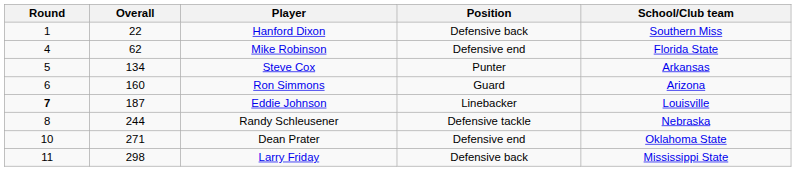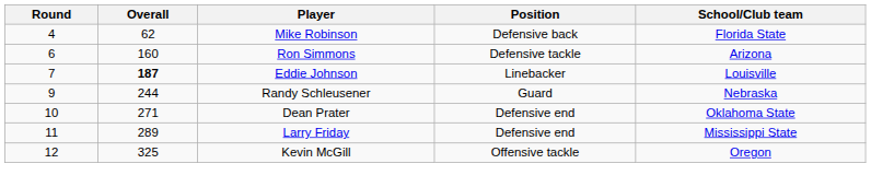 <table class="wikitable" style="min-width:70%;">
 <tr>
 <th>Round</th>
 <th>Overall</th>
 <th>Player</th>
 <th>Position</th>
 <th>School/Club team</th>
 </tr>
 <tr style="text-align:center;" bgcolor="">
-<td>1</td>
-<td>22</td>
-<td><a href='#'>Hanford Dixon</a></td>
-<td>Defensive back</td>
-<td><a href='#'>Southern Miss</a></td>
-</tr>
-<tr style="text-align:center;" bgcolor="">
 <td>4</td>
 <td>62</td>
 <td><a href='#'>Mike Robinson</a></td>
-<td>Defensive end</td>
+<td>Defensive back</td>
 <td><a href='#'>Florida State</a></td>
-</tr>
-<tr style="text-align:center;" bgcolor="">
-<td>5</td>
-<td>134</td>
-<td><a href='#'>Steve Cox</a></td>
-<td>Punter</td>
-<td><a href='#'>Arkansas</a></td>
 </tr>
 <tr style="text-align:center;" bgcolor="">
 <td>6</td>
 <td>160</td>
 <td><a href='#'>Ron Simmons</a></td>
-<td>Guard</td>
+<td>Defensive tackle</td>
 <td><a href='#'>Arizona</a></td>
 </tr>
 <tr style="text-align:center;" bgcolor="">
-<td><strong>7</strong></td>
-<td>187</td>
+<td>7</td>
+<td><strong>187</strong></td>
 <td><a href='#'>Eddie Johnson</a></td>
 <td>Linebacker</td>
 <td><a href='#'>Louisville</a></td>
 </tr>
 <tr style="text-align:center;" bgcolor="">
-<td>8</td>
+<td>9</td>
 <td>244</td>
 <td>Randy Schleusener</td>
-<td>Defensive tackle</td>
+<td>Guard</td>
 <td><a href='#'>Nebraska</a></td>
 </tr>
 <tr style="text-align:center;" bgcolor="">
 <td>10</td>
 <td>271</td>
 <td>Dean Prater</td>
 <td>Defensive end</td>
 <td><a href='#'>Oklahoma State</a></td>
 </tr>
 <tr style="text-align:center;" bgcolor="">
 <td>11</td>
-<td>298</td>
+<td>289</td>
 <td><a href='#'>Larry Friday</a></td>
-<td>Defensive back</td>
+<td>Defensive end</td>
 <td><a href='#'>Mississippi State</a></td>
 </tr>
+<tr style="text-align:center;" bgcolor="">
+<td>12</td>
+<td>325</td>
+<td>Kevin McGill</td>
+<td>Offensive tackle</td>
+<td><a href='#'>Oregon</a></td>
+</tr>
 </table>
